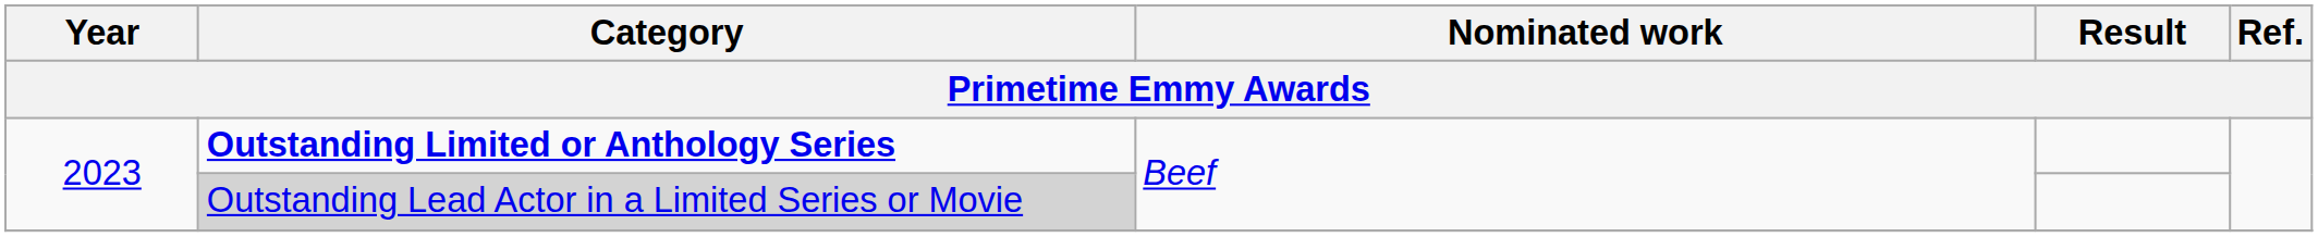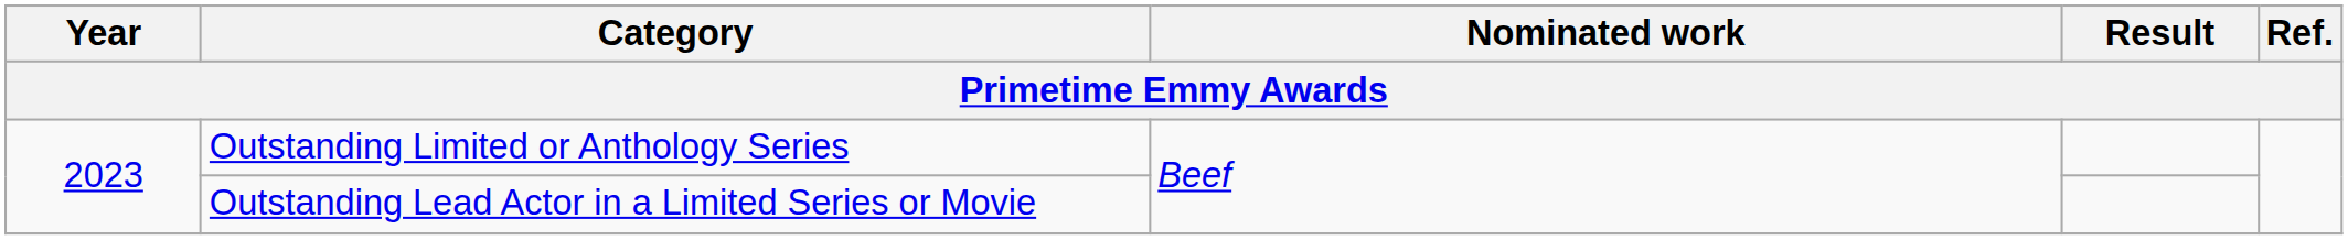 <table class=wikitable>
 <tr>
 <th scope="col" style="width:5em;">Year</th>
 <th scope="col" style="width:26em;">Category</th>
 <th scope="col" style="width:25em;">Nominated work</th>
 <th scope="col" style="width:5em;">Result</th>
 <th>Ref.</th>
 </tr>
 <tr>
 <th colspan=5><a href='#'>Primetime Emmy Awards</a></th>
 </tr>
 <tr>
 <td style="text-align:center;", rowspan="2"><a href='#'>2023</a></td>
-<td><strong><a href='#'>Outstanding Limited or Anthology Series</a></strong></td>
+<td><a href='#'>Outstanding Limited or Anthology Series</a></td>
 <td rowspan=2><em><a href='#'>Beef</a></em></td>
 <td></td>
 <td rowspan="2"></td>
 </tr>
 <tr>
-<td style="background: lightgrey;"><a href='#'>Outstanding Lead Actor in a Limited Series or Movie</a></td>
+<td><a href='#'>Outstanding Lead Actor in a Limited Series or Movie</a></td>
 <td></td>
 </tr>
 <tr>
 </tr>
 </table>
